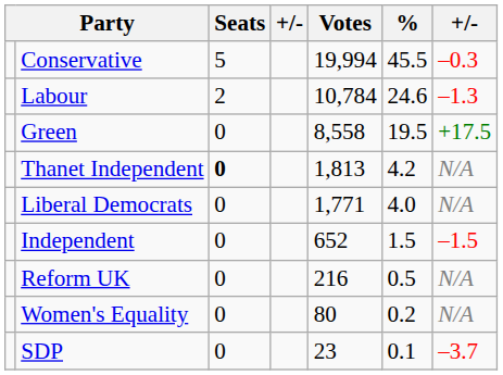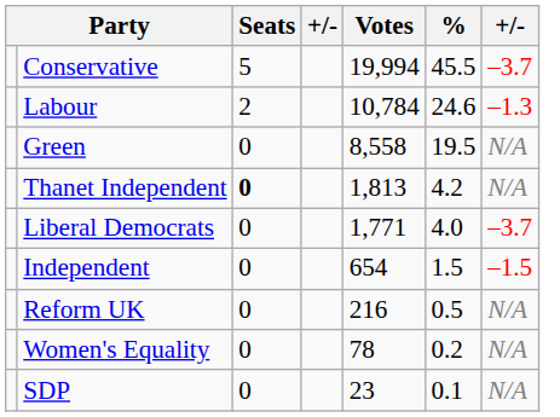 <table class="wikitable">
 <tr>
 <th colspan="2">Party</th>
 <th>Seats</th>
 <th>+/-</th>
 <th>Votes</th>
 <th>%</th>
 <th>+/-</th>
 </tr>
 <tr>
 <td style="background-color: "></td>
 <td><a href='#'>Conservative</a></td>
 <td>5</td>
 <td></td>
 <td>19,994</td>
 <td>45.5</td>
-<td style="color:red">–0.3</td>
+<td span style="color:red">–3.7</td>
 </tr>
 <tr>
 <td style="background-color: "></td>
 <td><a href='#'>Labour</a></td>
 <td>2</td>
 <td></td>
 <td>10,784</td>
 <td>24.6</td>
 <td style="color:red">–1.3</td>
 </tr>
 <tr>
 <td style="background-color: "></td>
 <td><a href='#'>Green</a></td>
 <td>0</td>
 <td></td>
 <td>8,558</td>
 <td>19.5</td>
-<td style="color:green">+17.5</td>
+<td span style="color:grey"><em>N/A</em></td>
 </tr>
 <tr>
 <td style="background-color: "></td>
 <td><a href='#'>Thanet Independent</a></td>
 <td><strong>0</strong></td>
 <td></td>
 <td>1,813</td>
 <td>4.2</td>
 <td style="color:grey"><em>N/A</em></td>
 </tr>
 <tr>
 <td style="background-color: "></td>
 <td><a href='#'>Liberal Democrats</a></td>
 <td>0</td>
 <td></td>
 <td>1,771</td>
 <td>4.0</td>
-<td span style="color:grey"><em>N/A</em></td>
+<td span style="color:red">–3.7</td>
 </tr>
 <tr>
 <td style="background-color: "></td>
 <td><a href='#'>Independent</a></td>
 <td>0</td>
 <td></td>
-<td>652</td>
+<td>654</td>
 <td>1.5</td>
 <td span style="color:red">–1.5</td>
 </tr>
 <tr>
 <td style="background-color: "></td>
 <td><a href='#'>Reform UK</a></td>
 <td>0</td>
 <td></td>
 <td>216</td>
 <td>0.5</td>
 <td span style="color:grey"><em>N/A</em></td>
 </tr>
 <tr>
 <td style="background-color: "></td>
 <td><a href='#'>Women's Equality</a></td>
 <td>0</td>
 <td></td>
-<td>80</td>
+<td>78</td>
 <td>0.2</td>
 <td span style="color:grey"><em>N/A</em></td>
 </tr>
 <tr>
 <td style="background-color: "></td>
 <td><a href='#'>SDP</a></td>
 <td>0</td>
 <td></td>
 <td>23</td>
 <td>0.1</td>
-<td span style="color:red">–3.7</td>
+<td span style="color:grey"><em>N/A</em></td>
 </tr>
 </table>
